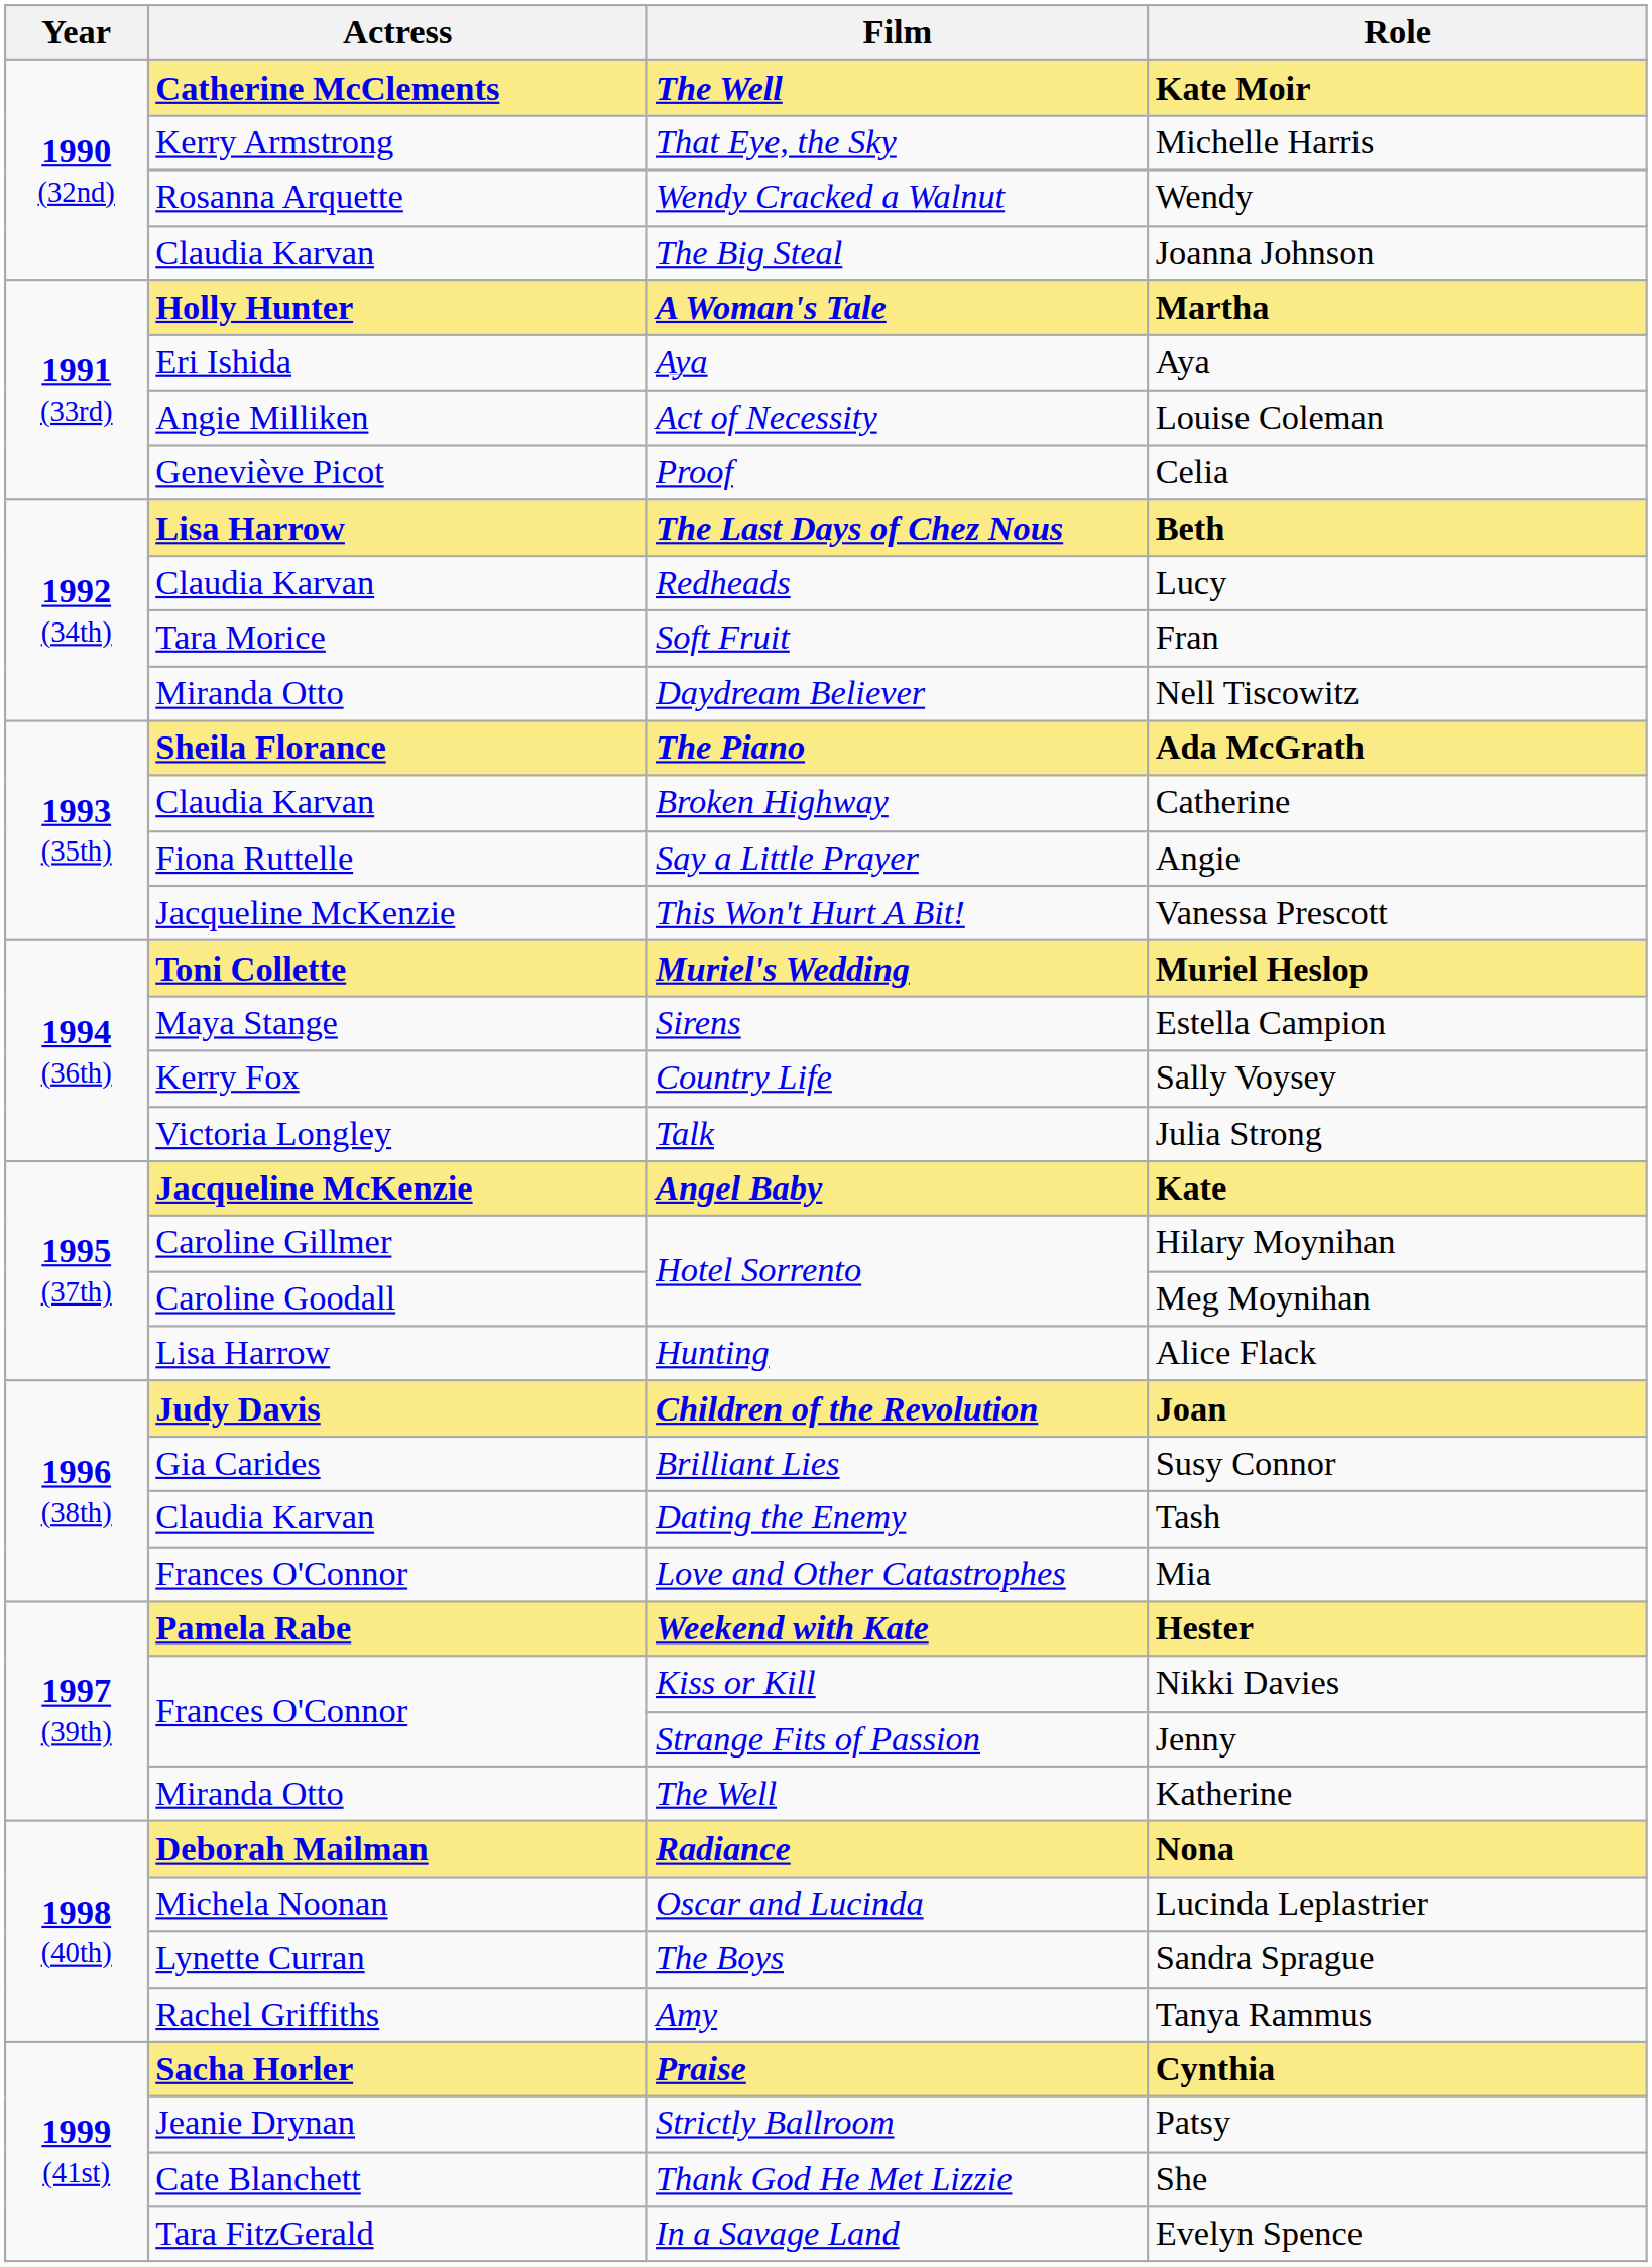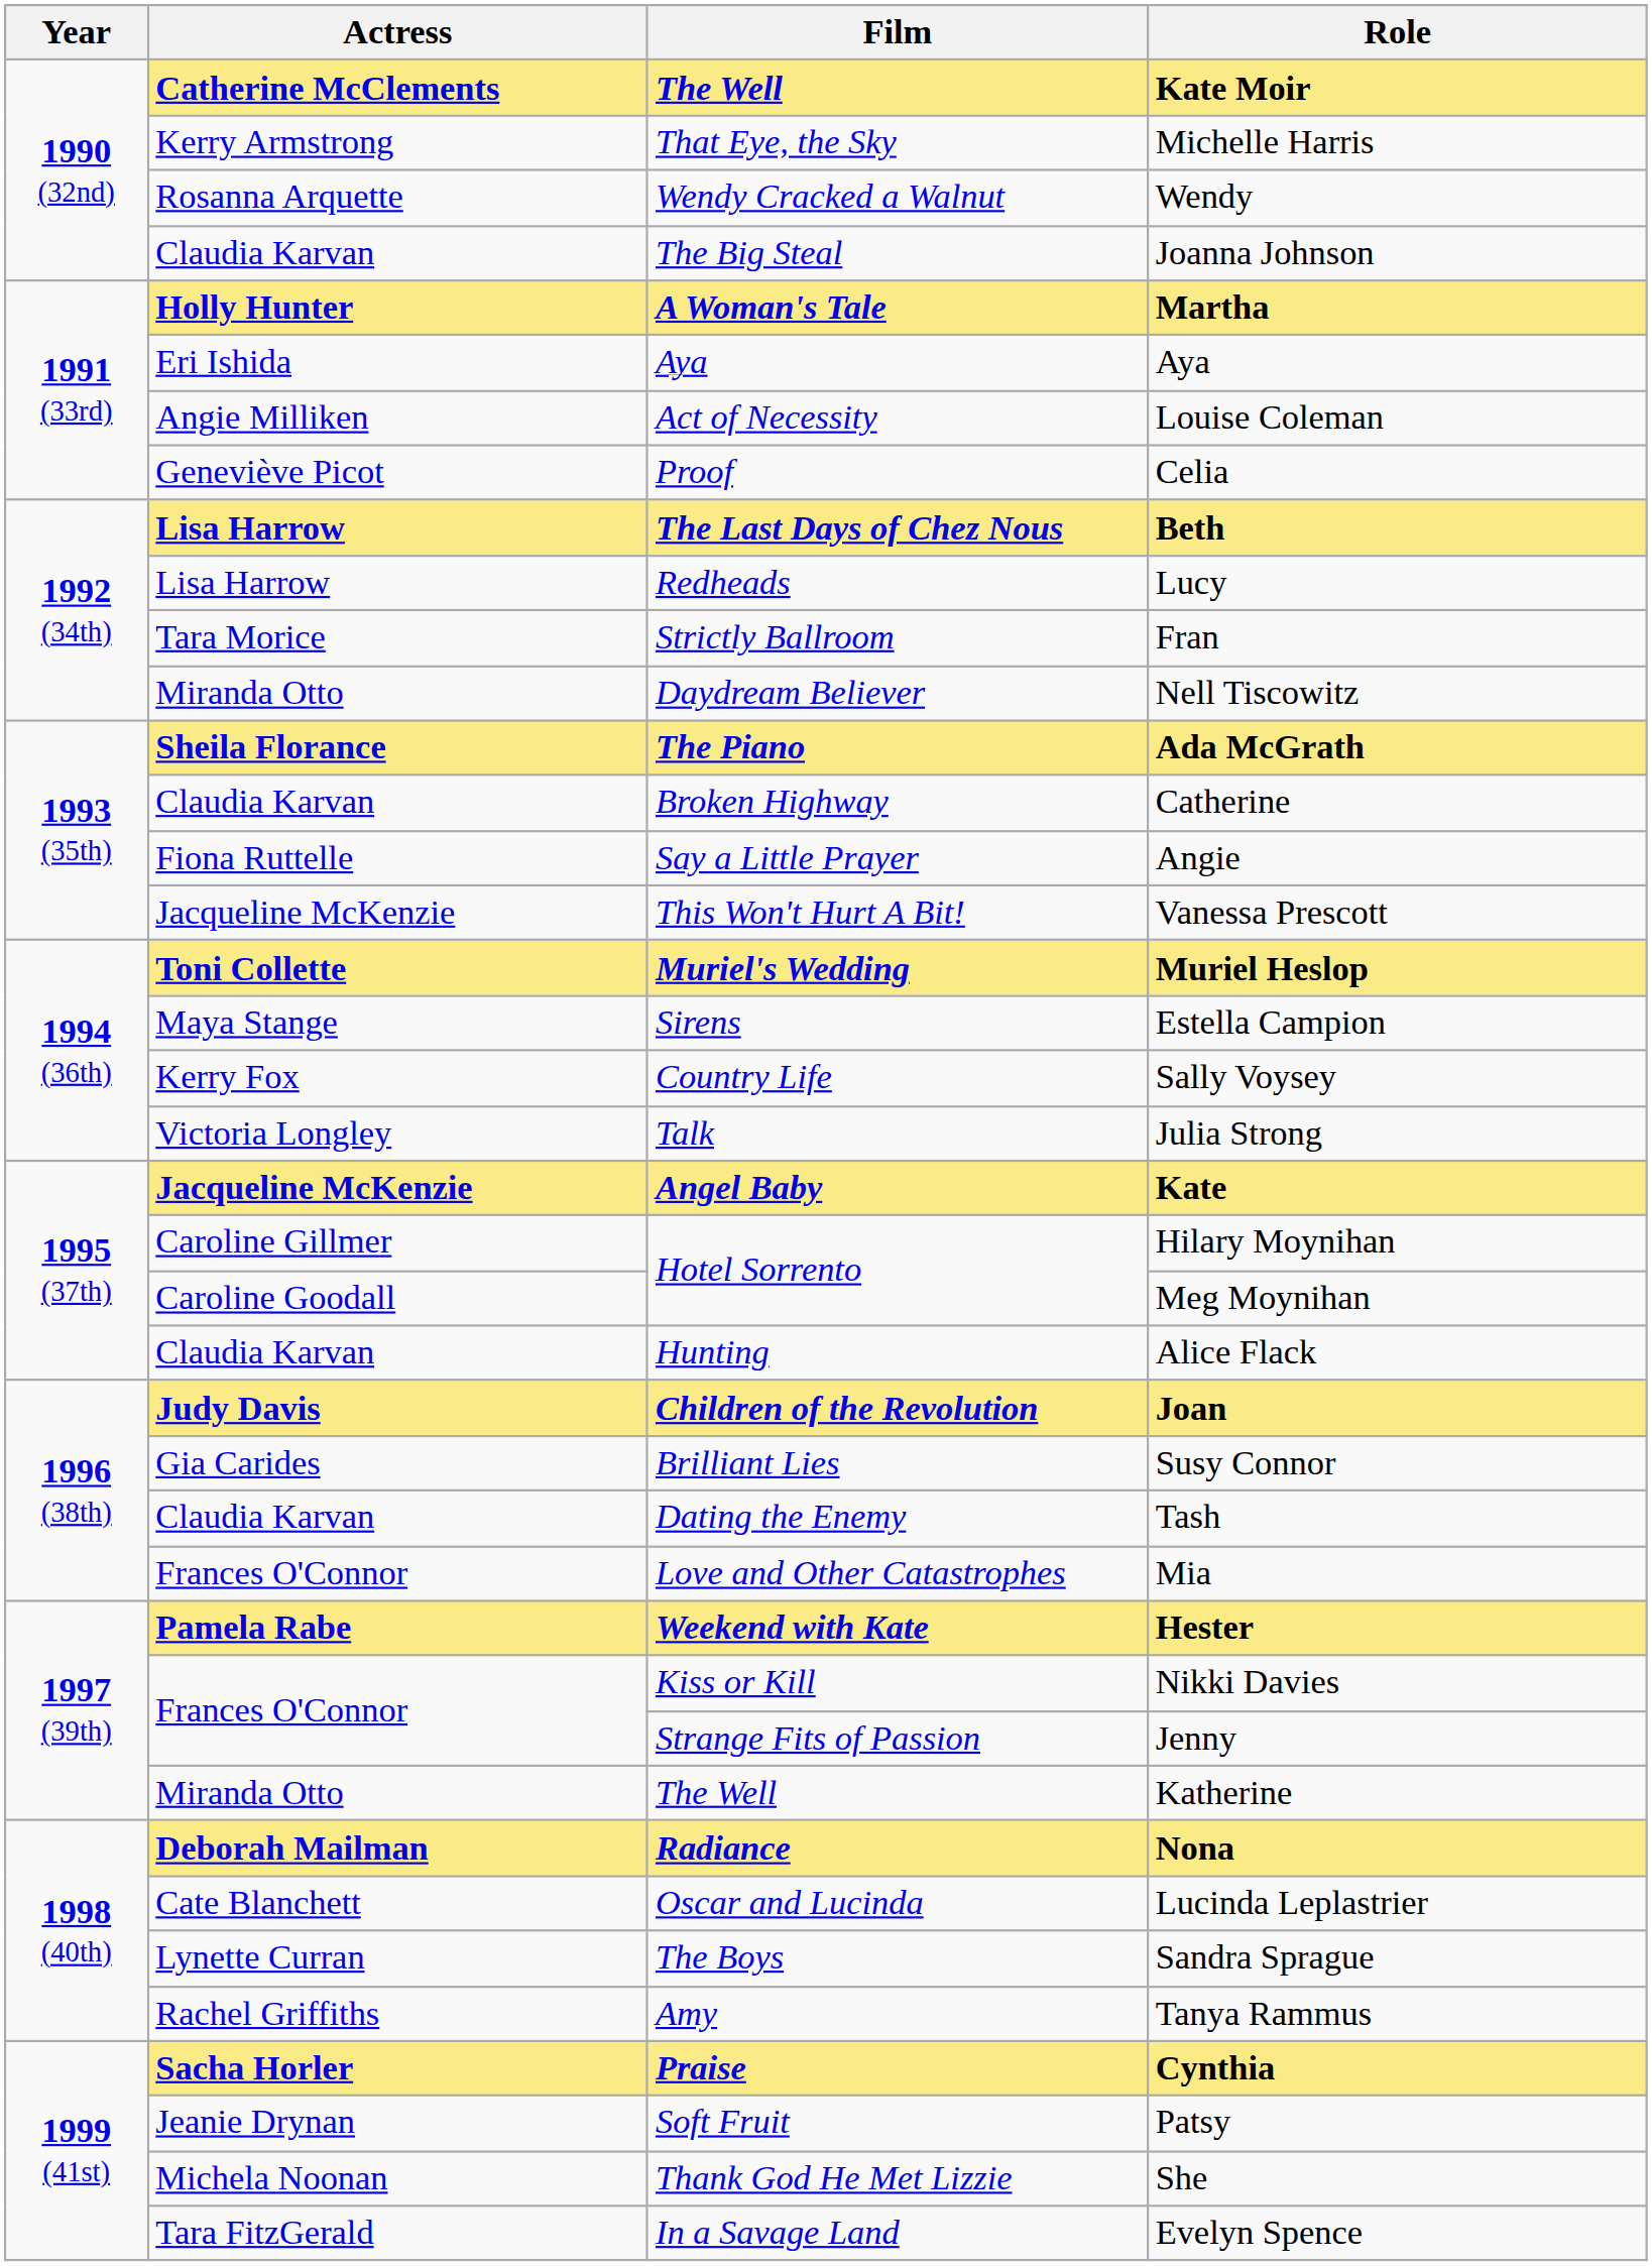 <table class="sortable wikitable" width="60%" align="centre">
 <tr>
 <th width="5%">Year</th>
 <th width="19%">Actress</th>
 <th width="19%">Film</th>
 <th width="19%">Role</th>
 </tr>
 <tr>
 <td rowspan=4 align="center"><strong><a href='#'>1990</a></strong><br><small><a href='#'>(32nd)</a></small></td>
 <td style="background:#FAEB86"><strong><a href='#'>Catherine McClements</a></strong></td>
 <td style="background:#FAEB86"><strong><em><a href='#'>The Well</a></em></strong></td>
 <td style="background:#FAEB86"><strong>Kate Moir</strong></td>
 </tr>
 <tr>
 <td><a href='#'>Kerry Armstrong</a></td>
 <td><em><a href='#'>That Eye, the Sky</a></em></td>
 <td>Michelle Harris</td>
 </tr>
 <tr>
 <td><a href='#'>Rosanna Arquette</a></td>
 <td><em><a href='#'>Wendy Cracked a Walnut</a></em></td>
 <td>Wendy</td>
 </tr>
 <tr>
 <td><a href='#'>Claudia Karvan</a></td>
 <td><em><a href='#'>The Big Steal</a></em></td>
 <td>Joanna Johnson</td>
 </tr>
 <tr>
 <td rowspan=4 align="center"><strong><a href='#'>1991</a></strong><br><small><a href='#'>(33rd)</a></small></td>
 <td style="background:#FAEB86"><strong><a href='#'>Holly Hunter</a></strong></td>
 <td style="background:#FAEB86"><strong><em><a href='#'>A Woman's Tale</a></em></strong></td>
 <td style="background:#FAEB86"><strong>Martha</strong></td>
 </tr>
 <tr>
 <td><a href='#'>Eri Ishida</a></td>
 <td><em><a href='#'>Aya</a></em></td>
 <td>Aya</td>
 </tr>
 <tr>
 <td><a href='#'>Angie Milliken</a></td>
 <td><em><a href='#'>Act of Necessity</a></em></td>
 <td>Louise Coleman</td>
 </tr>
 <tr>
 <td><a href='#'>Geneviève Picot</a></td>
 <td><em><a href='#'>Proof</a></em></td>
 <td>Celia</td>
 </tr>
 <tr>
 <td rowspan=4 align="center"><strong><a href='#'>1992</a></strong><br><small><a href='#'>(34th)</a></small></td>
 <td style="background:#FAEB86"><strong><a href='#'>Lisa Harrow</a></strong></td>
 <td style="background:#FAEB86"><strong><em><a href='#'>The Last Days of Chez Nous</a></em></strong></td>
 <td style="background:#FAEB86"><strong>Beth</strong></td>
 </tr>
 <tr>
-<td><a href='#'>Claudia Karvan</a></td>
+<td><a href='#'>Lisa Harrow</a></td>
 <td><em><a href='#'>Redheads</a></em></td>
 <td>Lucy</td>
 </tr>
 <tr>
 <td><a href='#'>Tara Morice</a></td>
-<td><em><a href='#'>Soft Fruit</a></em></td>
+<td><em><a href='#'>Strictly Ballroom</a></em></td>
 <td>Fran</td>
 </tr>
 <tr>
 <td><a href='#'>Miranda Otto</a></td>
 <td><em><a href='#'>Daydream Believer</a></em></td>
 <td>Nell Tiscowitz</td>
 </tr>
 <tr>
 <td rowspan=4 align="center"><strong><a href='#'>1993</a></strong><br><small><a href='#'>(35th)</a></small></td>
 <td style="background:#FAEB86"><strong><a href='#'>Sheila Florance</a></strong></td>
 <td style="background:#FAEB86"><strong><em><a href='#'>The Piano</a></em></strong></td>
 <td style="background:#FAEB86"><strong>Ada McGrath</strong></td>
 </tr>
 <tr>
 <td><a href='#'>Claudia Karvan</a></td>
 <td><em><a href='#'>Broken Highway</a></em></td>
 <td>Catherine</td>
 </tr>
 <tr>
 <td><a href='#'>Fiona Ruttelle</a></td>
 <td><em><a href='#'>Say a Little Prayer</a></em></td>
 <td>Angie</td>
 </tr>
 <tr>
 <td><a href='#'>Jacqueline McKenzie</a></td>
 <td><em><a href='#'>This Won't Hurt A Bit!</a></em></td>
 <td>Vanessa Prescott</td>
 </tr>
 <tr>
 <td rowspan=4 align="center"><strong><a href='#'>1994</a></strong><br><small><a href='#'>(36th)</a></small></td>
 <td style="background:#FAEB86"><strong><a href='#'>Toni Collette</a></strong></td>
 <td style="background:#FAEB86"><strong><em><a href='#'>Muriel's Wedding</a></em></strong></td>
 <td style="background:#FAEB86"><strong>Muriel Heslop</strong></td>
 </tr>
 <tr>
 <td><a href='#'>Maya Stange</a></td>
 <td><em><a href='#'>Sirens</a></em></td>
 <td>Estella Campion</td>
 </tr>
 <tr>
 <td><a href='#'>Kerry Fox</a></td>
 <td><em><a href='#'>Country Life</a></em></td>
 <td>Sally Voysey</td>
 </tr>
 <tr>
 <td><a href='#'>Victoria Longley</a></td>
 <td><em><a href='#'>Talk</a></em></td>
 <td>Julia Strong</td>
 </tr>
 <tr>
 <td rowspan=4 align="center"><strong><a href='#'>1995</a></strong><br><small><a href='#'>(37th)</a></small></td>
 <td style="background:#FAEB86"><strong><a href='#'>Jacqueline McKenzie</a></strong></td>
 <td style="background:#FAEB86"><strong><em><a href='#'>Angel Baby</a></em></strong></td>
 <td style="background:#FAEB86"><strong>Kate</strong></td>
 </tr>
 <tr>
 <td><a href='#'>Caroline Gillmer</a></td>
 <td rowspan=2><em><a href='#'>Hotel Sorrento</a></em></td>
 <td>Hilary Moynihan</td>
 </tr>
 <tr>
 <td><a href='#'>Caroline Goodall</a></td>
 <td>Meg Moynihan</td>
 </tr>
 <tr>
-<td><a href='#'>Lisa Harrow</a></td>
+<td><a href='#'>Claudia Karvan</a></td>
 <td><em><a href='#'>Hunting</a></em></td>
 <td>Alice Flack</td>
 </tr>
 <tr>
 <td rowspan=4 align="center"><strong><a href='#'>1996</a></strong><br><small><a href='#'>(38th)</a></small></td>
 <td style="background:#FAEB86"><strong><a href='#'>Judy Davis</a></strong></td>
 <td style="background:#FAEB86"><strong><em><a href='#'>Children of the Revolution</a></em></strong></td>
 <td style="background:#FAEB86"><strong>Joan</strong></td>
 </tr>
 <tr>
 <td><a href='#'>Gia Carides</a></td>
 <td><em><a href='#'>Brilliant Lies</a></em></td>
 <td>Susy Connor</td>
 </tr>
 <tr>
 <td><a href='#'>Claudia Karvan</a></td>
 <td><em><a href='#'>Dating the Enemy</a></em></td>
 <td>Tash</td>
 </tr>
 <tr>
 <td><a href='#'>Frances O'Connor</a></td>
 <td><em><a href='#'>Love and Other Catastrophes</a></em></td>
 <td>Mia</td>
 </tr>
 <tr>
 <td rowspan=4 align="center"><strong><a href='#'>1997</a></strong><br><small><a href='#'>(39th)</a></small></td>
 <td style="background:#FAEB86"><strong><a href='#'>Pamela Rabe</a></strong></td>
 <td style="background:#FAEB86"><strong><em><a href='#'>Weekend with Kate</a></em></strong></td>
 <td style="background:#FAEB86"><strong>Hester</strong></td>
 </tr>
 <tr>
 <td rowspan=2><a href='#'>Frances O'Connor</a></td>
 <td><em><a href='#'>Kiss or Kill</a></em></td>
 <td>Nikki Davies</td>
 </tr>
 <tr>
 <td><em><a href='#'>Strange Fits of Passion</a></em></td>
 <td>Jenny</td>
 </tr>
 <tr>
 <td><a href='#'>Miranda Otto</a></td>
 <td><em><a href='#'>The Well</a></em></td>
 <td>Katherine</td>
 </tr>
 <tr>
 <td rowspan=4 align="center"><strong><a href='#'>1998</a></strong><br><small><a href='#'>(40th)</a></small></td>
 <td style="background:#FAEB86"><strong><a href='#'>Deborah Mailman</a></strong></td>
 <td style="background:#FAEB86"><strong><em><a href='#'>Radiance</a></em></strong></td>
 <td style="background:#FAEB86"><strong>Nona</strong></td>
 </tr>
 <tr>
-<td><a href='#'>Michela Noonan</a></td>
+<td><a href='#'>Cate Blanchett</a></td>
 <td><em><a href='#'>Oscar and Lucinda</a></em></td>
 <td>Lucinda Leplastrier</td>
 </tr>
 <tr>
 <td><a href='#'>Lynette Curran</a></td>
 <td><em><a href='#'>The Boys</a></em></td>
 <td>Sandra Sprague</td>
 </tr>
 <tr>
 <td><a href='#'>Rachel Griffiths</a></td>
 <td><em><a href='#'>Amy</a></em></td>
 <td>Tanya Rammus</td>
 </tr>
 <tr>
 <td rowspan=4 align="center"><strong><a href='#'>1999</a></strong><br><small><a href='#'>(41st)</a></small></td>
 <td style="background:#FAEB86"><strong><a href='#'>Sacha Horler</a></strong></td>
 <td style="background:#FAEB86"><strong><em><a href='#'>Praise</a></em></strong></td>
 <td style="background:#FAEB86"><strong>Cynthia</strong></td>
 </tr>
 <tr>
 <td><a href='#'>Jeanie Drynan</a></td>
-<td><em><a href='#'>Strictly Ballroom</a></em></td>
+<td><em><a href='#'>Soft Fruit</a></em></td>
 <td>Patsy</td>
 </tr>
 <tr>
-<td><a href='#'>Cate Blanchett</a></td>
+<td><a href='#'>Michela Noonan</a></td>
 <td><em><a href='#'>Thank God He Met Lizzie</a></em></td>
 <td>She</td>
 </tr>
 <tr>
 <td><a href='#'>Tara FitzGerald</a></td>
 <td><em><a href='#'>In a Savage Land</a></em></td>
 <td>Evelyn Spence</td>
 </tr>
 </table>
